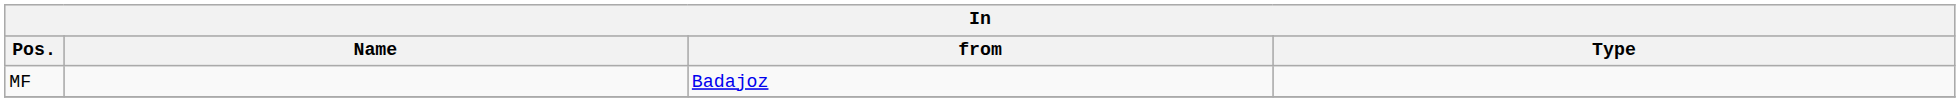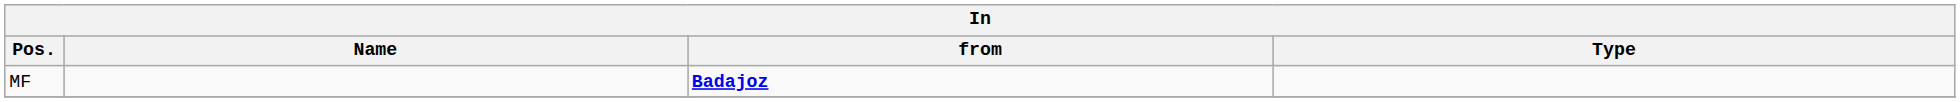 <table class="wikitable" style="font-size:90%;width:99%;">
 <tr>
 <th colspan="4">In</th>
 </tr>
 <tr>
 <th width=3%>Pos.</th>
 <th width=32%>Name</th>
 <th width=30%>from</th>
 <th width=35%>Type</th>
 </tr>
 <tr>
 <td>MF</td>
 <td></td>
-<td><a href='#'>Badajoz</a></td>
+<td><strong><a href='#'>Badajoz</a></strong></td>
 <td></td>
 </tr>
 <tr>
 </tr>
 </table>
